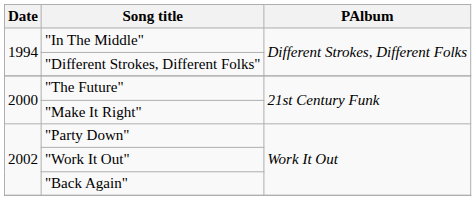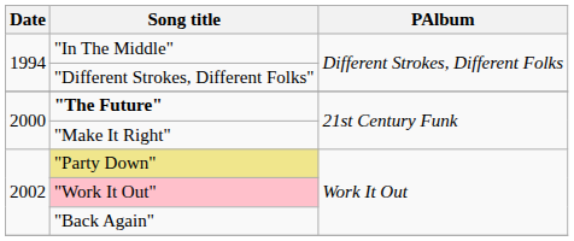 <table class="wikitable">
 <tr>
 <th>Date</th>
 <th><strong>Song title</strong></th>
 <th><strong>PAlbum</strong></th>
 </tr>
 <tr>
 <td rowspan=2>1994</td>
 <td>"In The Middle"</td>
 <td rowspan=2><em>Different Strokes, Different Folks</em></td>
 </tr>
 <tr>
 <td>"Different Strokes, Different Folks"</td>
 </tr>
 <tr>
 </tr>
 <tr>
 <td rowspan=2>2000</td>
-<td>"The Future"</td>
+<td><strong>"The Future"</strong></td>
 <td rowspan=2><em>21st Century Funk</em></td>
 </tr>
 <tr>
 <td>"Make It Right"</td>
 </tr>
 <tr>
 <td rowspan=3>2002</td>
-<td>"Party Down"</td>
+<td style="background: khaki;">"Party Down"</td>
 <td rowspan=3><em>Work It Out</em></td>
 </tr>
 <tr>
-<td>"Work It Out"</td>
+<td style="background: pink;">"Work It Out"</td>
 </tr>
 <tr>
 <td>"Back Again"</td>
 </tr>
 <tr>
 </tr>
 </table>
